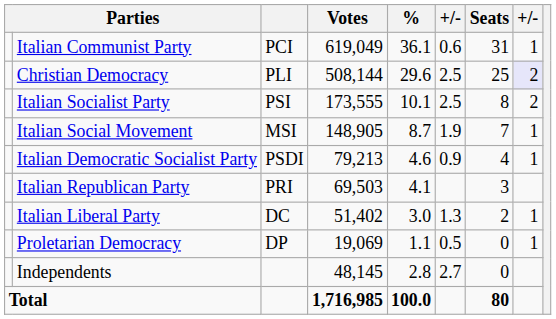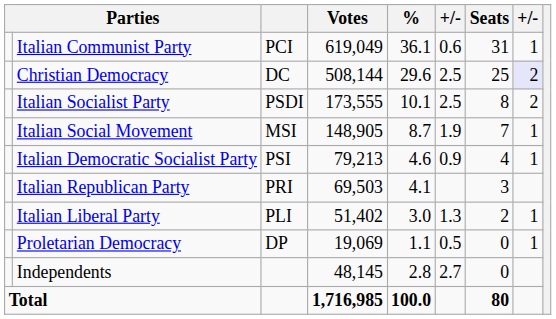 <table class="wikitable">
 <tr>
 <th colspan="2">Parties</th>
 <th></th>
 <th>Votes</th>
 <th>%</th>
 <th>+/-</th>
 <th>Seats</th>
 <th>+/-</th>
 <th rowspan="13"></th>
 </tr>
 <tr>
 <td style="background-color:"></td>
 <td><a href='#'>Italian Communist Party</a></td>
 <td>PCI</td>
 <td align=right>619,049</td>
 <td align=right>36.1</td>
 <td align=right> 0.6</td>
 <td align=right>31</td>
 <td align=right> 1</td>
 </tr>
 <tr>
 <td style="background-color:"></td>
 <td><a href='#'>Christian Democracy</a></td>
-<td>PLI</td>
+<td>DC</td>
 <td align=right>508,144</td>
 <td align=right>29.6</td>
 <td align=right> 2.5</td>
 <td align=right>25</td>
 <td align=right style="background: lavender;"> 2</td>
 </tr>
 <tr>
 <td style="background-color:"></td>
 <td><a href='#'>Italian Socialist Party</a></td>
-<td>PSI</td>
+<td>PSDI</td>
 <td align=right>173,555</td>
 <td align=right>10.1</td>
 <td align=right> 2.5</td>
 <td align=right>8</td>
 <td align=right> 2</td>
 </tr>
 <tr>
 <td style="background-color:"></td>
 <td><a href='#'>Italian Social Movement</a></td>
 <td>MSI</td>
 <td align=right>148,905</td>
 <td align=right>8.7</td>
 <td align=right> 1.9</td>
 <td align=right>7</td>
 <td align=right> 1</td>
 </tr>
 <tr>
 <td style="background-color:"></td>
 <td><a href='#'>Italian Democratic Socialist Party</a></td>
-<td>PSDI</td>
+<td>PSI</td>
 <td align=right>79,213</td>
 <td align=right>4.6</td>
 <td align=right> 0.9</td>
 <td align=right>4</td>
 <td align=right> 1</td>
 </tr>
 <tr>
 <td style="background-color:"></td>
 <td><a href='#'>Italian Republican Party</a></td>
 <td>PRI</td>
 <td align=right>69,503</td>
 <td align=right>4.1</td>
 <td align=right></td>
 <td align=right>3</td>
 <td align=right></td>
 </tr>
 <tr>
 <td style="background-color:"></td>
 <td><a href='#'>Italian Liberal Party</a></td>
-<td>DC</td>
+<td>PLI</td>
 <td align=right>51,402</td>
 <td align=right>3.0</td>
 <td align=right> 1.3</td>
 <td align=right>2</td>
 <td align=right> 1</td>
 </tr>
 <tr>
 <td style="background-color:"></td>
 <td><a href='#'>Proletarian Democracy</a></td>
 <td>DP</td>
 <td align=right>19,069</td>
 <td align=right>1.1</td>
 <td align=right> 0.5</td>
 <td align=right>0</td>
 <td align=right> 1</td>
 </tr>
 <tr>
 <td style="background-color:"></td>
 <td>Independents</td>
 <td></td>
 <td align=right>48,145</td>
 <td align=right>2.8</td>
 <td align=right> 2.7</td>
 <td align=right>0</td>
 <td align=right></td>
 </tr>
 <tr>
 <td colspan="2"><strong>Total</strong></td>
 <td></td>
 <td align=right><strong>1,716,985</strong></td>
 <td align=right><strong>100.0</strong></td>
 <td></td>
 <td align=right><strong>80</strong></td>
 <td></td>
 </tr>
 </table>
